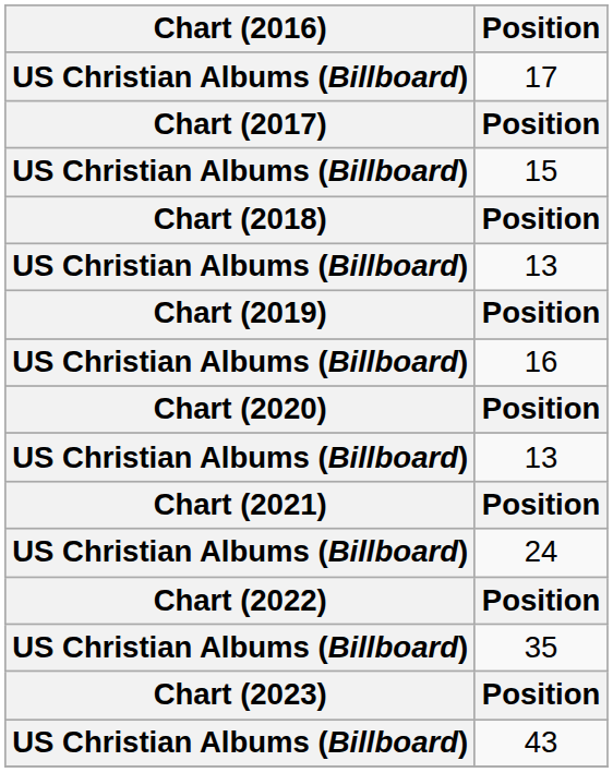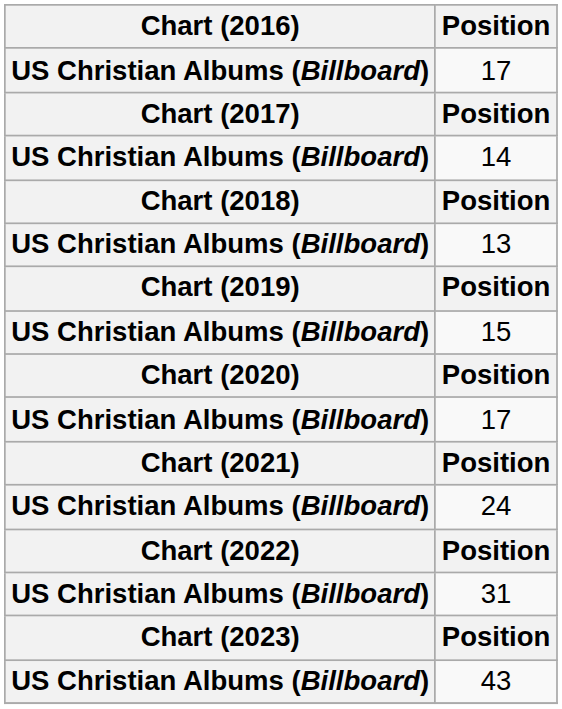 <table class="wikitable plainrowheaders" style="text-align:center">
 <tr>
 <th scope="col">Chart (2016)</th>
 <th scope="col">Position</th>
 </tr>
 <tr>
 <th scope="row">US Christian Albums (<em>Billboard</em>)</th>
 <td>17</td>
 </tr>
 <tr>
 <th scope="col">Chart (2017)</th>
 <th scope="col">Position</th>
 </tr>
 <tr>
 <th scope="row">US Christian Albums (<em>Billboard</em>)</th>
-<td>15</td>
+<td>14</td>
 </tr>
 <tr>
 <th scope="col">Chart (2018)</th>
 <th scope="col">Position</th>
 </tr>
 <tr>
 <th scope="row">US Christian Albums (<em>Billboard</em>)</th>
 <td>13</td>
 </tr>
 <tr>
 <th scope="col">Chart (2019)</th>
 <th scope="col">Position</th>
 </tr>
 <tr>
 <th scope="row">US Christian Albums (<em>Billboard</em>)</th>
-<td>16</td>
+<td>15</td>
 </tr>
 <tr>
 <th scope="col">Chart (2020)</th>
 <th scope="col">Position</th>
 </tr>
 <tr>
 <th scope="row">US Christian Albums (<em>Billboard</em>)</th>
-<td>13</td>
+<td>17</td>
 </tr>
 <tr>
 <th scope="col">Chart (2021)</th>
 <th scope="col">Position</th>
 </tr>
 <tr>
 <th scope="row">US Christian Albums (<em>Billboard</em>)</th>
 <td>24</td>
 </tr>
 <tr>
 <th scope="col">Chart (2022)</th>
 <th scope="col">Position</th>
 </tr>
 <tr>
 <th scope="row">US Christian Albums (<em>Billboard</em>)</th>
-<td>35</td>
+<td>31</td>
 </tr>
 <tr>
 <th scope="col">Chart (2023)</th>
 <th scope="col">Position</th>
 </tr>
 <tr>
 <th scope="row">US Christian Albums (<em>Billboard</em>)</th>
 <td>43</td>
 </tr>
 <tr>
 </tr>
 </table>
